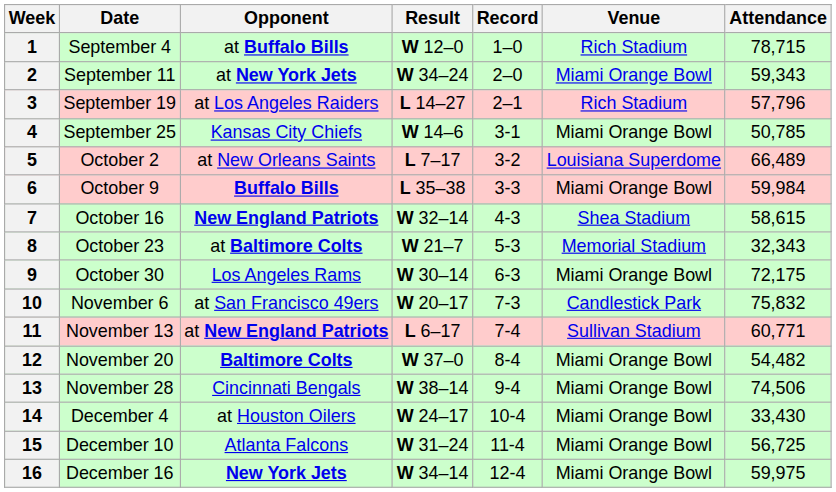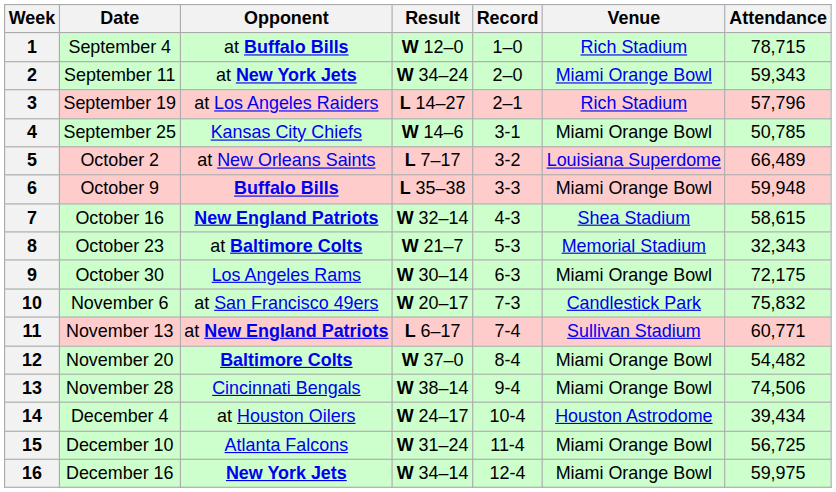 <table class="wikitable" style="text-align:center">
 <tr>
 <th>Week</th>
 <th>Date</th>
 <th>Opponent</th>
 <th>Result</th>
 <th>Record</th>
 <th>Venue</th>
 <th>Attendance</th>
 </tr>
 <tr style="background:#cfc">
 <th>1</th>
 <td>September 4</td>
 <td>at <strong><a href='#'>Buffalo Bills</a></strong></td>
 <td><strong>W</strong> 12–0</td>
 <td>1–0</td>
 <td><a href='#'>Rich Stadium</a></td>
 <td>78,715</td>
 </tr>
 <tr style="background:#cfc">
 <th>2</th>
 <td>September 11</td>
 <td>at <strong><a href='#'>New York Jets</a></strong></td>
 <td><strong>W</strong> 34–24</td>
 <td>2–0</td>
 <td><a href='#'>Miami Orange Bowl</a></td>
 <td>59,343</td>
 </tr>
 <tr style="background:#fcc">
 <th>3</th>
 <td>September 19</td>
 <td>at <a href='#'>Los Angeles Raiders</a></td>
 <td><strong>L</strong> 14–27</td>
 <td>2–1</td>
 <td><a href='#'>Rich Stadium</a></td>
 <td>57,796</td>
 </tr>
 <tr style="background:#cfc">
 <th>4</th>
 <td>September 25</td>
 <td><a href='#'>Kansas City Chiefs</a></td>
 <td><strong>W</strong> 14–6</td>
 <td>3-1</td>
 <td>Miami Orange Bowl</td>
 <td>50,785</td>
 </tr>
 <tr style="background:#fcc">
 <th>5</th>
 <td>October 2</td>
 <td>at <a href='#'>New Orleans Saints</a></td>
 <td><strong>L</strong> 7–17</td>
 <td>3-2</td>
 <td><a href='#'>Louisiana Superdome</a></td>
 <td>66,489</td>
 </tr>
 <tr style="background:#fcc">
 <th>6</th>
 <td>October 9</td>
 <td><strong><a href='#'>Buffalo Bills</a></strong></td>
 <td><strong>L</strong> 35–38 </td>
 <td>3-3</td>
 <td>Miami Orange Bowl</td>
-<td>59,984</td>
+<td>59,948</td>
 </tr>
 <tr style="background:#cfc">
 <th>7</th>
 <td>October 16</td>
 <td><strong><a href='#'>New England Patriots</a></strong></td>
 <td><strong>W</strong> 32–14</td>
 <td>4-3</td>
 <td><a href='#'>Shea Stadium</a></td>
 <td>58,615</td>
 </tr>
 <tr style="background:#cfc">
 <th>8</th>
 <td>October 23</td>
 <td>at <strong><a href='#'>Baltimore Colts</a></strong></td>
 <td><strong>W</strong> 21–7</td>
 <td>5-3</td>
 <td><a href='#'>Memorial Stadium</a></td>
 <td>32,343</td>
 </tr>
 <tr style="background:#cfc">
 <th>9</th>
 <td>October 30</td>
 <td><a href='#'>Los Angeles Rams</a></td>
 <td><strong>W</strong> 30–14</td>
 <td>6-3</td>
 <td>Miami Orange Bowl</td>
 <td>72,175</td>
 </tr>
 <tr style="background:#cfc">
 <th>10</th>
 <td>November 6</td>
 <td>at <a href='#'>San Francisco 49ers</a></td>
 <td><strong>W</strong> 20–17</td>
 <td>7-3</td>
 <td><a href='#'>Candlestick Park</a></td>
 <td>75,832</td>
 </tr>
 <tr style="background:#fcc">
 <th>11</th>
 <td>November 13</td>
 <td>at <strong><a href='#'>New England Patriots</a></strong></td>
 <td><strong>L</strong> 6–17</td>
 <td>7-4</td>
 <td><a href='#'>Sullivan Stadium</a></td>
 <td>60,771</td>
 </tr>
 <tr style="background:#cfc">
 <th>12</th>
 <td>November 20</td>
 <td><strong><a href='#'>Baltimore Colts</a></strong></td>
 <td><strong>W</strong> 37–0</td>
 <td>8-4</td>
 <td>Miami Orange Bowl</td>
 <td>54,482</td>
 </tr>
 <tr style="background:#cfc">
 <th>13</th>
 <td>November 28</td>
 <td><a href='#'>Cincinnati Bengals</a></td>
 <td><strong>W</strong> 38–14</td>
 <td>9-4</td>
 <td>Miami Orange Bowl</td>
 <td>74,506</td>
 </tr>
 <tr style="background:#cfc">
 <th>14</th>
 <td>December 4</td>
 <td>at <a href='#'>Houston Oilers</a></td>
 <td><strong>W</strong> 24–17</td>
 <td>10-4</td>
-<td>Miami Orange Bowl</td>
-<td>33,430</td>
+<td><a href='#'>Houston Astrodome</a></td>
+<td>39,434</td>
 </tr>
 <tr style="background:#cfc">
 <th>15</th>
 <td>December 10</td>
 <td><a href='#'>Atlanta Falcons</a></td>
 <td><strong>W</strong> 31–24</td>
 <td>11-4</td>
 <td>Miami Orange Bowl</td>
 <td>56,725</td>
 </tr>
 <tr style="background:#cfc">
 <th>16</th>
 <td>December 16</td>
 <td><strong><a href='#'>New York Jets</a></strong></td>
 <td><strong>W</strong> 34–14</td>
 <td>12-4</td>
 <td>Miami Orange Bowl</td>
 <td>59,975</td>
 </tr>
 </table>
